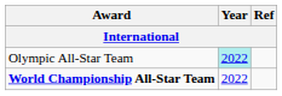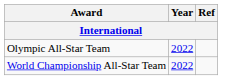 <table class="wikitable">
 <tr>
 <th>Award</th>
 <th>Year</th>
 <th>Ref</th>
 </tr>
 <tr>
 <th colspan="3"><a href='#'>International</a></th>
 </tr>
 <tr>
 <td>Olympic All-Star Team</td>
-<td style="background: paleturquoise;"><a href='#'>2022</a></td>
+<td><a href='#'>2022</a></td>
 <td></td>
 </tr>
 <tr>
-<td><strong><a href='#'>World Championship</a> All-Star Team</strong></td>
+<td><a href='#'>World Championship</a> All-Star Team</td>
 <td><a href='#'>2022</a></td>
 <td></td>
 </tr>
 </table>
